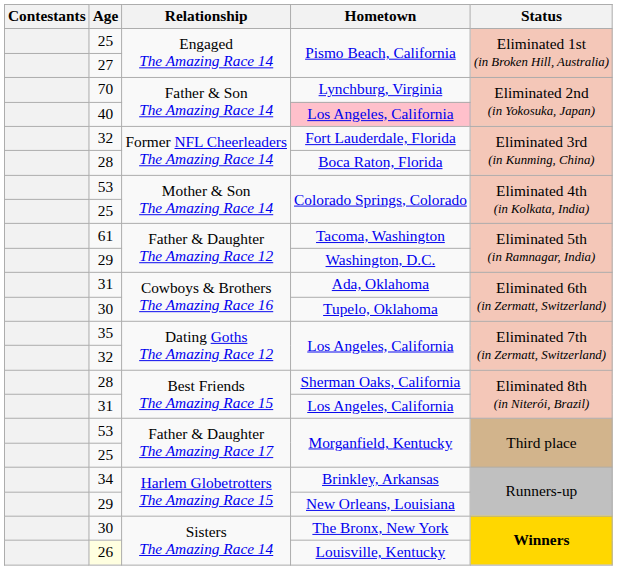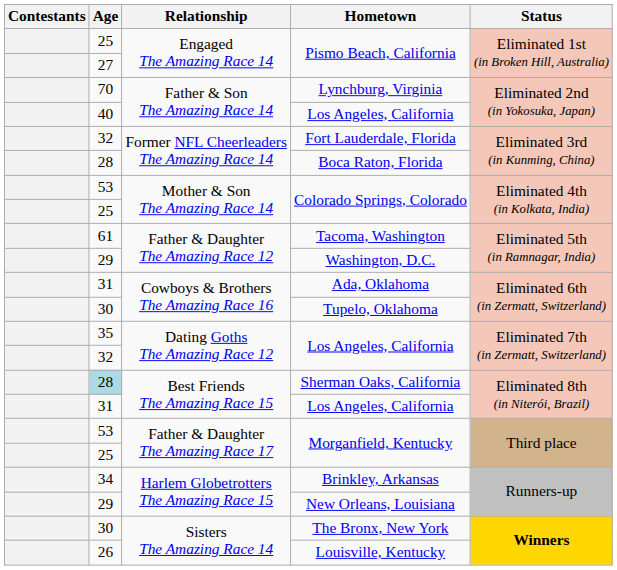 <table class="wikitable sortable" style="text-align:center;">
 <tr>
 <th scope="col">Contestants</th>
 <th scope="col">Age</th>
 <th scope="col" class="unsortable">Relationship</th>
 <th class="unsortable" scope="col">Hometown</th>
 <th scope="col">Status</th>
 </tr>
 <tr>
 <th scope="row"></th>
 <td>25</td>
 <td rowspan="2">Engaged<br><em><a href='#'>The Amazing Race 14</a></em></td>
 <td rowspan="2"><a href='#'>Pismo Beach, California</a></td>
 <td rowspan="2" bgcolor="f4c7b8">Eliminated 1st<br><small><em>(in Broken Hill, Australia)</em></small></td>
 </tr>
 <tr>
 <th scope="row"></th>
 <td>27</td>
 </tr>
 <tr>
 <th scope="row"></th>
 <td>70</td>
 <td rowspan="2">Father & Son<br><em><a href='#'>The Amazing Race 14</a></em></td>
 <td><a href='#'>Lynchburg, Virginia</a></td>
 <td rowspan="2" bgcolor="f4c7b8">Eliminated 2nd<br><small><em>(in Yokosuka, Japan)</em></small></td>
 </tr>
 <tr>
 <th scope="row"></th>
 <td>40</td>
-<td style="background: pink;"><a href='#'>Los Angeles, California</a></td>
+<td><a href='#'>Los Angeles, California</a></td>
 </tr>
 <tr>
 <th scope="row"></th>
 <td>32</td>
 <td rowspan="2">Former <a href='#'>NFL Cheerleaders</a><br><em><a href='#'>The Amazing Race 14</a></em></td>
 <td><a href='#'>Fort Lauderdale, Florida</a></td>
 <td rowspan="2" bgcolor="f4c7b8">Eliminated 3rd<br><small><em>(in Kunming, China)</em></small></td>
 </tr>
 <tr>
 <th scope="row"></th>
 <td>28</td>
 <td><a href='#'>Boca Raton, Florida</a></td>
 </tr>
 <tr>
 <th scope="row"></th>
 <td>53</td>
 <td rowspan="2">Mother & Son<br><em><a href='#'>The Amazing Race 14</a></em></td>
 <td rowspan="2"><a href='#'>Colorado Springs, Colorado</a></td>
 <td rowspan="2" bgcolor="f4c7b8">Eliminated 4th<br><small><em>(in Kolkata, India)</em></small></td>
 </tr>
 <tr>
 <th scope="row"></th>
 <td>25</td>
 </tr>
 <tr>
 <th scope="row"></th>
 <td>61</td>
 <td rowspan="2">Father & Daughter<br><em><a href='#'>The Amazing Race 12</a></em></td>
 <td><a href='#'>Tacoma, Washington</a></td>
 <td rowspan="2" bgcolor="f4c7b8">Eliminated 5th<br><small><em>(in Ramnagar, India)</em></small></td>
 </tr>
 <tr>
 <th scope="row"></th>
 <td>29</td>
 <td><a href='#'>Washington, D.C.</a></td>
 </tr>
 <tr>
 <th scope="row"></th>
 <td>31</td>
 <td rowspan="2">Cowboys & Brothers<br><em><a href='#'>The Amazing Race 16</a></em></td>
 <td><a href='#'>Ada, Oklahoma</a></td>
 <td rowspan="2" bgcolor="f4c7b8">Eliminated 6th<br><small><em>(in Zermatt, Switzerland)</em></small></td>
 </tr>
 <tr>
 <th scope="row"></th>
 <td>30</td>
 <td><a href='#'>Tupelo, Oklahoma</a></td>
 </tr>
 <tr>
 <th scope="row"></th>
 <td>35</td>
 <td rowspan="2">Dating <a href='#'>Goths</a><br><em><a href='#'>The Amazing Race 12</a></em></td>
 <td rowspan="2"><a href='#'>Los Angeles, California</a></td>
 <td rowspan="2" bgcolor="f4c7b8">Eliminated 7th<br><small><em>(in Zermatt, Switzerland)</em></small></td>
 </tr>
 <tr>
 <th scope="row"></th>
 <td>32</td>
 </tr>
 <tr>
 <th scope="row"></th>
-<td>28</td>
+<td style="background: lightblue;">28</td>
 <td rowspan="2">Best Friends<br><em><a href='#'>The Amazing Race 15</a></em></td>
 <td><a href='#'>Sherman Oaks, California</a></td>
 <td rowspan="2" bgcolor="f4c7b8">Eliminated 8th<br><small><em>(in Niterói, Brazil)</em></small></td>
 </tr>
 <tr>
 <th scope="row"></th>
 <td>31</td>
 <td><a href='#'>Los Angeles, California</a></td>
 </tr>
 <tr>
 <th scope="row"></th>
 <td>53</td>
 <td rowspan="2">Father & Daughter<br><em><a href='#'>The Amazing Race 17</a></em></td>
 <td rowspan="2"><a href='#'>Morganfield, Kentucky</a></td>
 <td rowspan="2" bgcolor="tan">Third place</td>
 </tr>
 <tr>
 <th scope="row"></th>
 <td>25</td>
 </tr>
 <tr>
 <th scope="row"></th>
 <td>34</td>
 <td rowspan="2"><a href='#'>Harlem Globetrotters</a><br><em><a href='#'>The Amazing Race 15</a></em></td>
 <td><a href='#'>Brinkley, Arkansas</a></td>
 <td rowspan="2" bgcolor="silver">Runners-up</td>
 </tr>
 <tr>
 <th scope="row"></th>
 <td>29</td>
 <td><a href='#'>New Orleans, Louisiana</a></td>
 </tr>
 <tr>
 <th scope="row"></th>
 <td>30</td>
 <td rowspan="2">Sisters<br><em><a href='#'>The Amazing Race 14</a></em></td>
 <td><a href='#'>The Bronx, New York</a></td>
 <td rowspan="2" bgcolor="gold"><strong>Winners</strong></td>
 </tr>
 <tr>
 <th scope="row"></th>
-<td style="background: lightyellow;">26</td>
+<td>26</td>
 <td><a href='#'>Louisville, Kentucky</a></td>
 </tr>
 </table>
